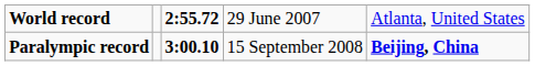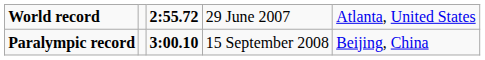 <table class="wikitable">
 <tr>
 <td><strong>World record</strong></td>
 <td></td>
 <td><strong>2:55.72</strong></td>
 <td>29 June 2007</td>
 <td><a href='#'>Atlanta</a>, <a href='#'>United States</a></td>
 </tr>
 <tr>
 <td><strong>Paralympic record</strong></td>
 <td></td>
 <td><strong>3:00.10</strong></td>
 <td>15 September 2008</td>
-<td><strong><a href='#'>Beijing</a>, <a href='#'>China</a></strong></td>
+<td><a href='#'>Beijing</a>, <a href='#'>China</a></td>
 </tr>
 </table>
